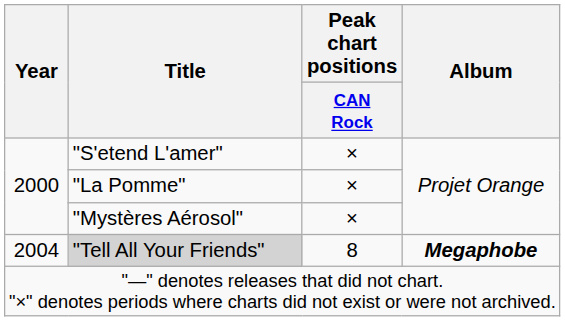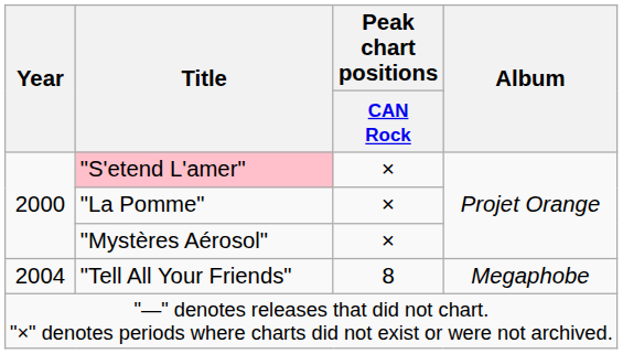 <table class="wikitable">
 <tr>
 <th rowspan=2>Year</th>
 <th rowspan=2>Title</th>
 <th colspan="1">Peak chart positions</th>
 <th rowspan=2>Album</th>
 </tr>
 <tr>
 <th width="40"><small><a href='#'>CAN<br>Rock</a></small><br></th>
 </tr>
 <tr>
 <td rowspan=3 align=center>2000</td>
-<td>"S'etend L'amer"</td>
+<td style="background: pink;">"S'etend L'amer"</td>
 <td align=center>×</td>
 <td rowspan=3 align=center><em>Projet Orange</em></td>
 </tr>
 <tr>
 <td>"La Pomme"</td>
 <td align=center>×</td>
 </tr>
 <tr>
 <td>"Mystères Aérosol"</td>
 <td align=center>×</td>
 </tr>
 <tr>
 <td rowspan=1 align=center>2004</td>
-<td style="background: lightgrey;">"Tell All Your Friends"</td>
+<td>"Tell All Your Friends"</td>
 <td align=center>8</td>
-<td rowspan=1 align=center><strong><em>Megaphobe</em></strong></td>
+<td rowspan=1 align=center><em>Megaphobe</em></td>
 </tr>
 <tr>
 <td colspan="7" style="font-size:90%; text-align:center;">"—" denotes releases that did not chart.<br>"×" denotes periods where charts did not exist or were not archived.</td>
 </tr>
 </table>
